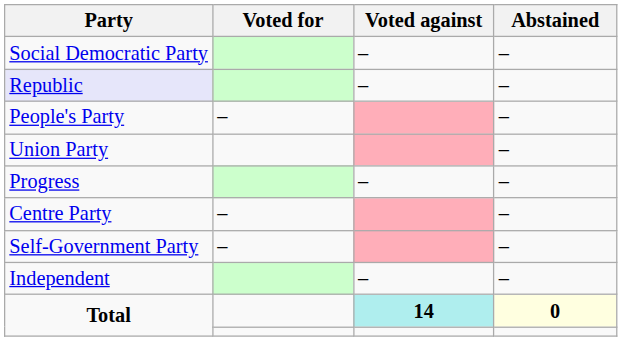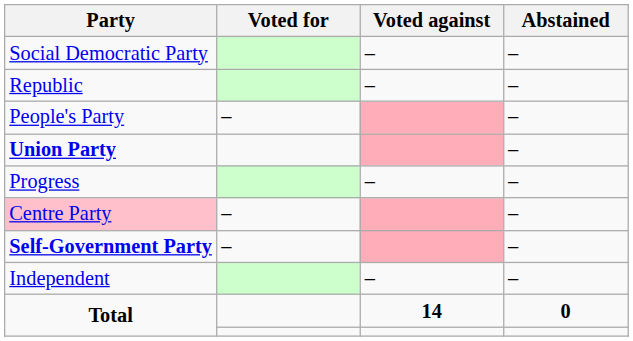 <table class="wikitable">
 <tr>
 <th>Party</th>
 <th style="width:23%;">Voted for</th>
 <th style="width:23%;">Voted against</th>
 <th style="width:20%;">Abstained</th>
 </tr>
 <tr>
 <td> <a href='#'>Social Democratic Party</a></td>
 <td style="background-color:#CCFFCC;"></td>
 <td>–</td>
 <td>–</td>
 </tr>
 <tr>
-<td style="background: lavender;"> <a href='#'>Republic</a></td>
+<td> <a href='#'>Republic</a></td>
 <td style="background-color:#CCFFCC;"></td>
 <td>–</td>
 <td>–</td>
 </tr>
 <tr>
 <td> <a href='#'>People's Party</a></td>
 <td>–</td>
 <td style="background-color:#FFAEB9;"></td>
 <td>–</td>
 </tr>
 <tr>
-<td> <a href='#'>Union Party</a></td>
+<td><strong> <a href='#'>Union Party</a></strong></td>
 <td></td>
 <td style="background-color:#FFAEB9;"></td>
 <td>–</td>
 </tr>
 <tr>
 <td> <a href='#'>Progress</a></td>
 <td style="background-color:#CCFFCC;"></td>
 <td>–</td>
 <td>–</td>
 </tr>
 <tr>
-<td> <a href='#'>Centre Party</a></td>
+<td style="background: pink;"> <a href='#'>Centre Party</a></td>
 <td>–</td>
 <td style="background-color:#FFAEB9;"></td>
 <td>–</td>
 </tr>
 <tr>
-<td> <a href='#'>Self-Government Party</a></td>
+<td><strong> <a href='#'>Self-Government Party</a></strong></td>
 <td>–</td>
 <td style="background-color:#FFAEB9;"></td>
 <td>–</td>
 </tr>
 <tr>
 <td> <a href='#'>Independent</a></td>
 <td style="background-color:#CCFFCC;"></td>
 <td>–</td>
 <td>–</td>
 </tr>
 <tr>
 <td style="text-align:center;" rowspan="2"><strong>Total</strong></td>
 <td></td>
-<td style="background: paleturquoise; text-align:center;"><strong>14</strong></td>
-<td style="background: lightyellow; text-align:center;"><strong>0</strong></td>
+<td style="text-align:center;"><strong>14</strong></td>
+<td style="text-align:center;"><strong>0</strong></td>
 </tr>
 <tr>
 <td style="text-align:center;"></td>
 <td style="text-align:center;"></td>
 <td style="text-align:center;"></td>
 </tr>
 </table>
